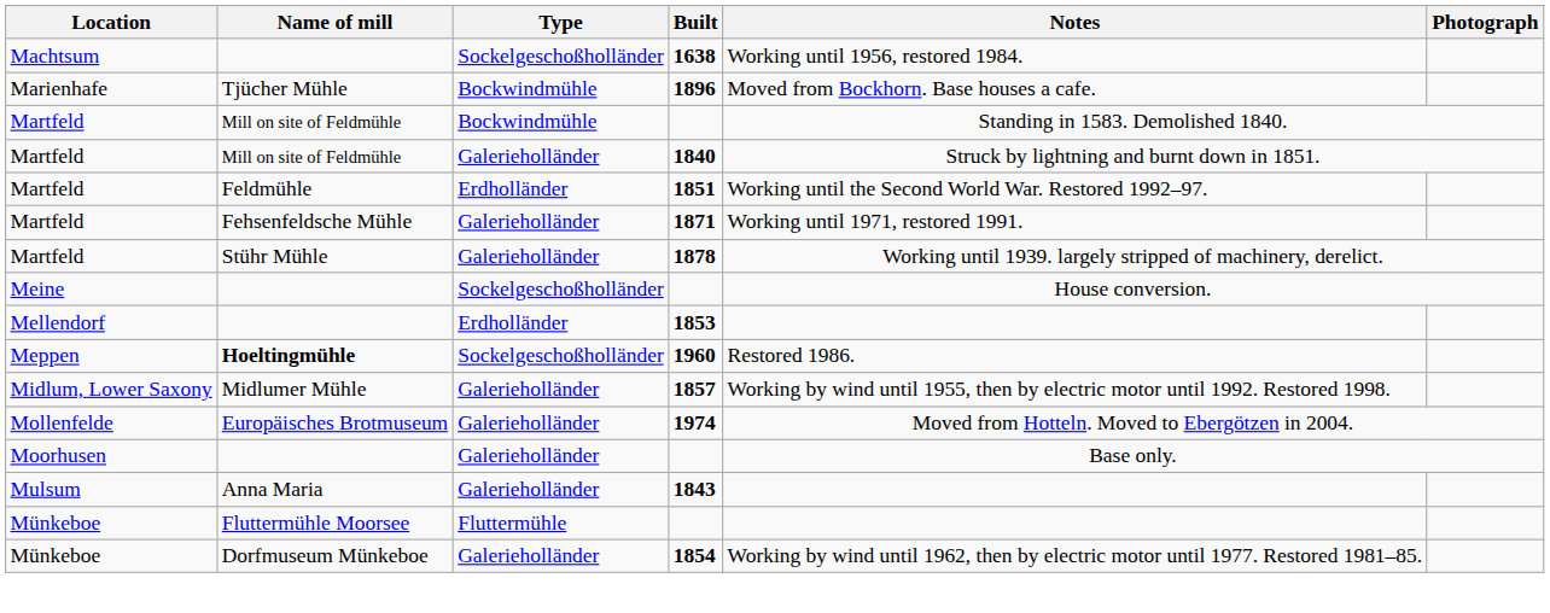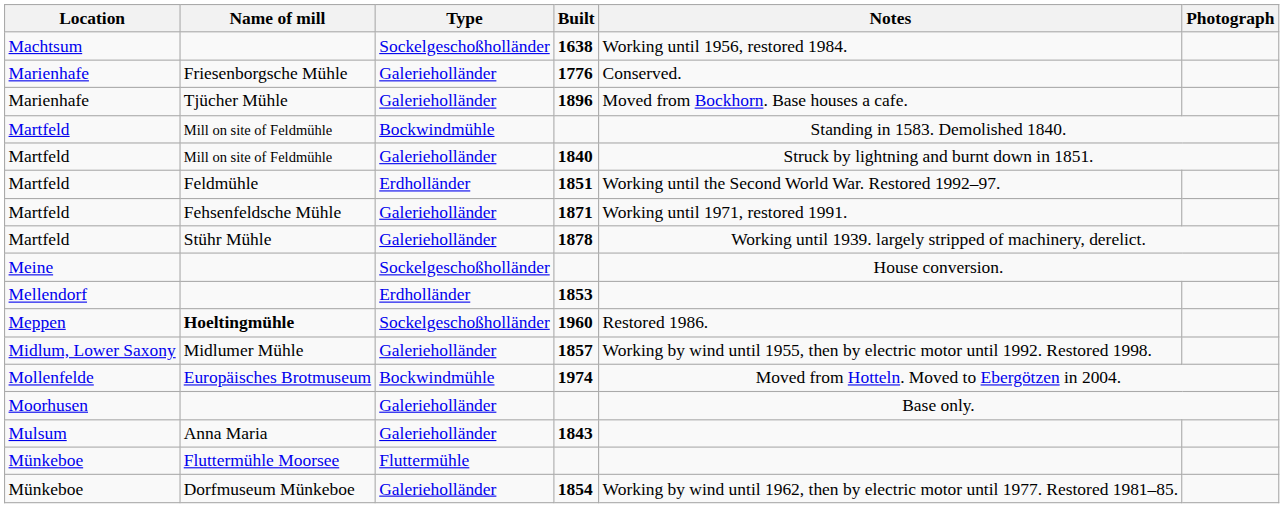 <table class="wikitable sortable">
 <tr>
 <th>Location</th>
 <th>Name of mill</th>
 <th>Type</th>
 <th>Built</th>
 <th class="unsortable">Notes</th>
 <th class="unsortable">Photograph</th>
 </tr>
 <tr>
 <td><a href='#'>Machtsum</a></td>
 <td></td>
 <td><a href='#'>Sockelgeschoß­holländer</a></td>
 <td><strong>1638</strong></td>
 <td>Working until 1956, restored 1984.</td>
 <td></td>
 </tr>
 <tr>
+<td><a href='#'>Marienhafe</a></td>
+<td>Friesenborgsche Mühle</td>
+<td><a href='#'>Galerieholländer</a></td>
+<td><strong>1776</strong></td>
+<td>Conserved.</td>
+<td></td>
+</tr>
+<tr>
 <td>Marienhafe</td>
 <td>Tjücher Mühle</td>
-<td><a href='#'>Bockwindmühle</a></td>
+<td><a href='#'>Galerieholländer</a></td>
 <td><strong>1896</strong></td>
 <td>Moved from <a href='#'>Bockhorn</a>. Base houses a cafe.</td>
 <td></td>
 </tr>
 <tr>
 <td><a href='#'>Martfeld</a></td>
 <td><small>Mill on site of Feldmühle</small></td>
 <td><a href='#'>Bockwindmühle</a></td>
 <td></td>
 <td colspan="2" style="text-align:center;">Standing in 1583. Demolished 1840.</td>
 </tr>
 <tr>
 <td>Martfeld</td>
 <td><small>Mill on site of Feldmühle</small></td>
 <td><a href='#'>Galerieholländer</a></td>
 <td><strong>1840</strong></td>
 <td colspan="2" style="text-align:center;">Struck by lightning and burnt down in 1851.</td>
 </tr>
 <tr>
 <td>Martfeld</td>
 <td>Feldmühle</td>
 <td><a href='#'>Erdholländer</a></td>
 <td><strong>1851</strong></td>
 <td>Working until the Second World War. Restored 1992–97.</td>
 <td></td>
 </tr>
 <tr>
 <td>Martfeld</td>
 <td>Fehsenfeldsche Mühle</td>
 <td><a href='#'>Galerieholländer</a></td>
 <td><strong>1871</strong></td>
 <td>Working until 1971, restored 1991.</td>
 <td></td>
 </tr>
 <tr>
 <td>Martfeld</td>
 <td>Stühr Mühle</td>
 <td><a href='#'>Galerieholländer</a></td>
 <td><strong>1878</strong></td>
 <td colspan="2" style="text-align:center;">Working until 1939. largely stripped of machinery, derelict.</td>
 </tr>
 <tr>
 <td><a href='#'>Meine</a></td>
 <td></td>
 <td><a href='#'>Sockelgeschoß­holländer</a></td>
 <td></td>
 <td colspan="2" style="text-align:center;">House conversion.</td>
 </tr>
 <tr>
 <td><a href='#'>Mellendorf</a></td>
 <td></td>
 <td><a href='#'>Erdholländer</a></td>
 <td><strong>1853</strong></td>
 <td></td>
 <td></td>
 </tr>
 <tr>
 <td><a href='#'>Meppen</a></td>
 <td><strong>Hoeltingmühle</strong></td>
 <td><a href='#'>Sockelgeschoß­holländer</a></td>
 <td><strong>1960</strong></td>
 <td>Restored 1986.</td>
 <td></td>
 </tr>
 <tr>
 <td><a href='#'>Midlum, Lower Saxony</a></td>
 <td>Midlumer Mühle</td>
 <td><a href='#'>Galerieholländer</a></td>
 <td><strong>1857</strong></td>
 <td>Working by wind until 1955, then by electric motor until 1992. Restored 1998.</td>
 <td></td>
 </tr>
 <tr>
 <td><a href='#'>Mollenfelde</a></td>
 <td><a href='#'>Europäisches Brotmuseum</a></td>
-<td><a href='#'>Galerieholländer</a></td>
+<td><a href='#'>Bockwindmühle</a></td>
 <td><strong>1974</strong></td>
 <td colspan="2" style="text-align:center;">Moved from <a href='#'>Hotteln</a>. Moved to <a href='#'>Ebergötzen</a> in 2004.</td>
 </tr>
 <tr>
 <td><a href='#'>Moorhusen</a></td>
 <td></td>
 <td><a href='#'>Galerieholländer</a></td>
 <td></td>
 <td colspan="2" style="text-align:center;">Base only.</td>
 </tr>
 <tr>
 <td><a href='#'>Mulsum</a></td>
 <td>Anna Maria</td>
 <td><a href='#'>Galerieholländer</a></td>
 <td><strong>1843</strong></td>
 <td></td>
 <td></td>
 </tr>
 <tr>
 <td><a href='#'>Münkeboe</a></td>
 <td><a href='#'>Fluttermühle Moorsee</a></td>
 <td><a href='#'>Fluttermühle</a></td>
 <td></td>
 <td></td>
 <td></td>
 </tr>
 <tr>
 <td>Münkeboe</td>
 <td>Dorfmuseum Münkeboe</td>
 <td><a href='#'>Galerieholländer</a></td>
 <td><strong>1854</strong></td>
 <td>Working by wind until 1962, then by electric motor until 1977. Restored 1981–85.</td>
 <td></td>
 </tr>
 </table>
